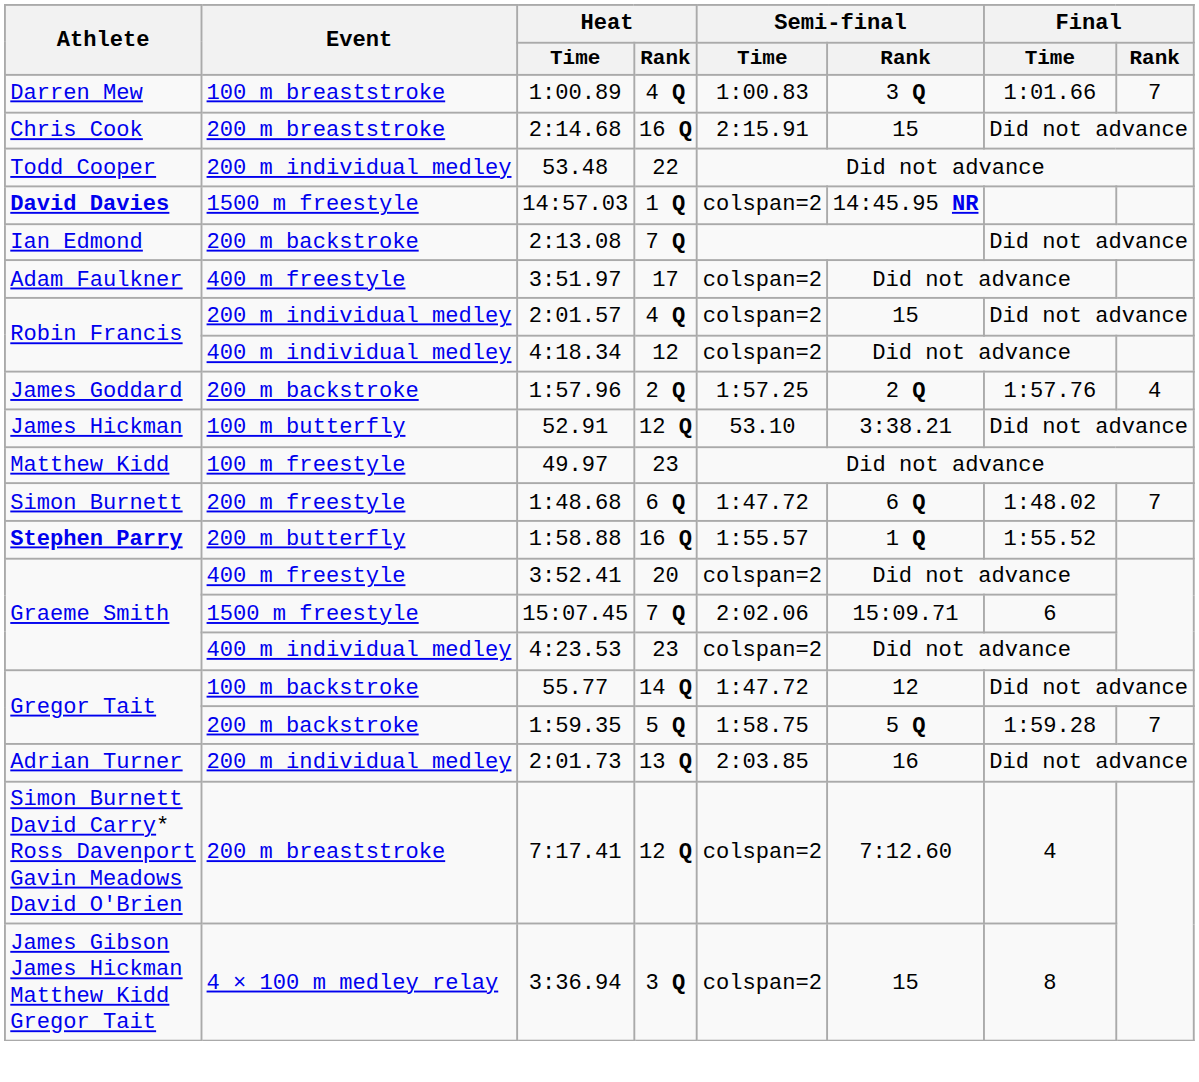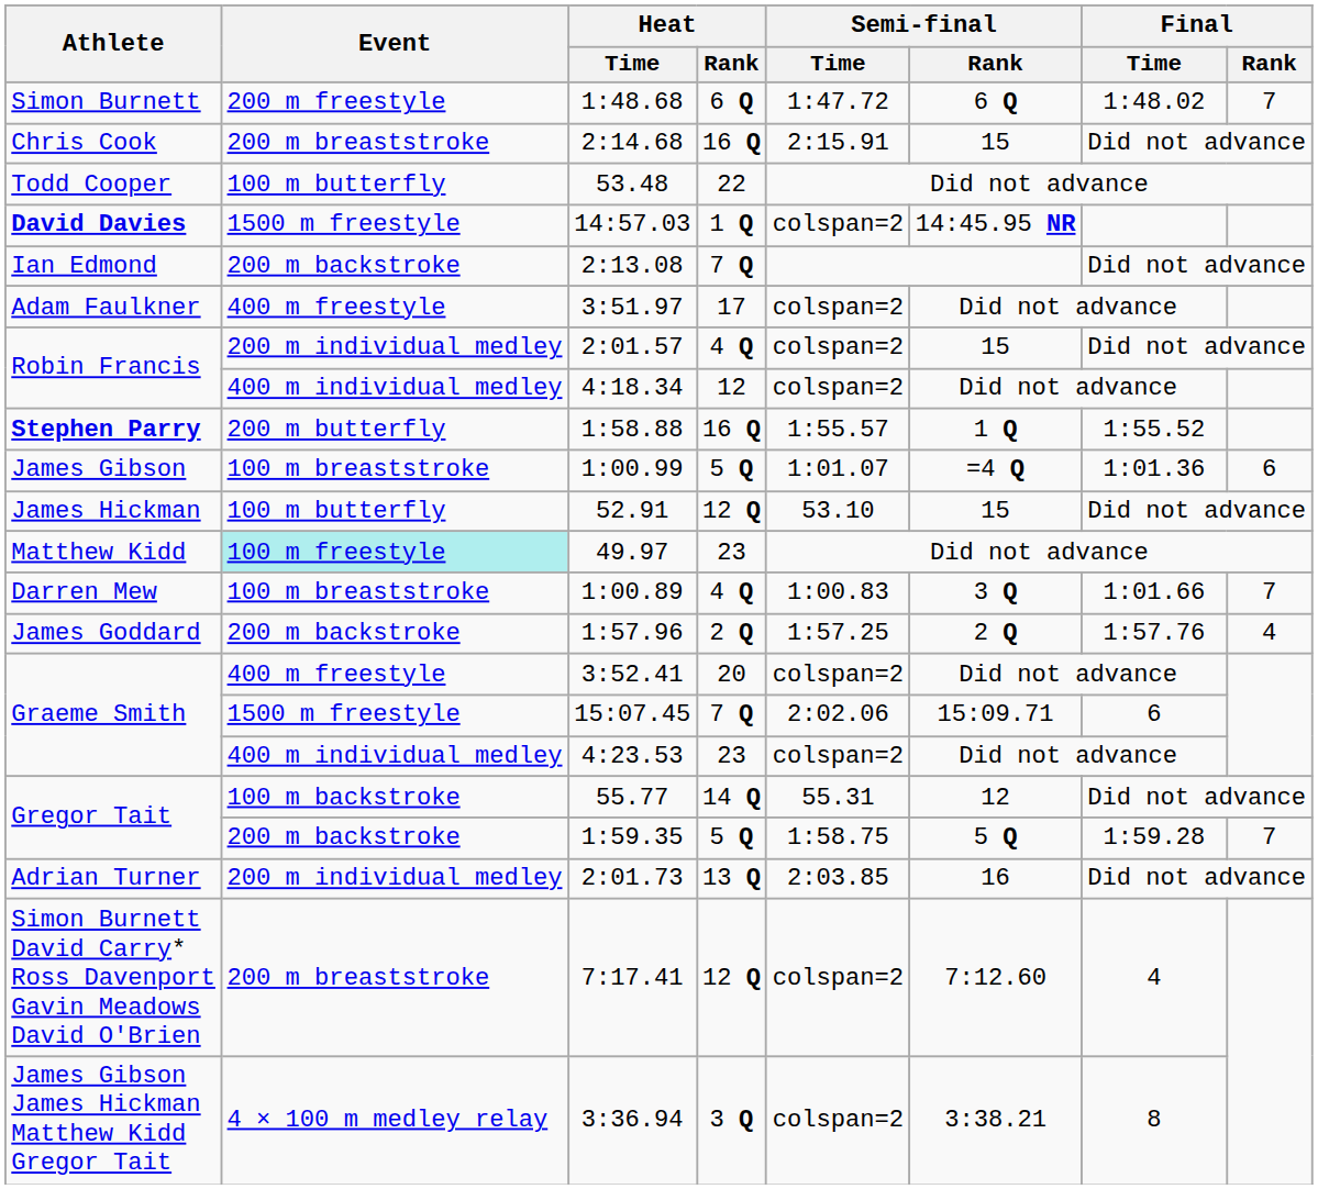 <table class=wikitable style="font-size:90%">
 <tr>
 <th rowspan="2">Athlete</th>
 <th rowspan="2">Event</th>
 <th colspan="2">Heat</th>
 <th colspan="2">Semi-final</th>
 <th colspan="2">Final</th>
 </tr>
 <tr style="font-size:95%">
 <th>Time</th>
 <th>Rank</th>
 <th>Time</th>
 <th>Rank</th>
 <th>Time</th>
 <th>Rank</th>
 </tr>
 <tr align=center>
-<td align=left><a href='#'>Darren Mew</a></td>
-<td align=left><a href='#'>100 m breaststroke</a></td>
-<td>1:00.89</td>
-<td>4 <strong>Q</strong></td>
-<td>1:00.83</td>
-<td>3 <strong>Q</strong></td>
-<td>1:01.66</td>
+<td align=left><a href='#'>Simon Burnett</a></td>
+<td align=left><a href='#'>200 m freestyle</a></td>
+<td>1:48.68</td>
+<td>6 <strong>Q</strong></td>
+<td>1:47.72</td>
+<td>6 <strong>Q</strong></td>
+<td>1:48.02</td>
 <td>7</td>
 </tr>
 <tr align=center>
 <td align=left><a href='#'>Chris Cook</a></td>
 <td align=left><a href='#'>200 m breaststroke</a></td>
 <td>2:14.68</td>
 <td>16 <strong>Q</strong></td>
 <td>2:15.91</td>
 <td>15</td>
 <td colspan=2>Did not advance</td>
 </tr>
 <tr align=center>
 <td align=left><a href='#'>Todd Cooper</a></td>
-<td align=left><a href='#'>200 m individual medley</a></td>
+<td align=left><a href='#'>100 m butterfly</a></td>
 <td>53.48</td>
 <td>22</td>
 <td colspan=4>Did not advance</td>
 </tr>
 <tr align=center>
 <td align=left><strong><a href='#'>David Davies</a></strong></td>
 <td align=left><a href='#'>1500 m freestyle</a></td>
 <td>14:57.03</td>
 <td>1 <strong>Q</strong></td>
 <td>colspan=2 </td>
 <td>14:45.95 <strong><a href='#'>NR</a></strong></td>
 <td></td>
 </tr>
 <tr align=center>
 <td align=left><a href='#'>Ian Edmond</a></td>
 <td align=left><a href='#'>200 m backstroke</a></td>
 <td>2:13.08</td>
 <td>7 <strong>Q</strong></td>
 <td colspan=2></td>
 <td colspan=2>Did not advance</td>
 </tr>
 <tr align=center>
 <td align=left><a href='#'>Adam Faulkner</a></td>
 <td align=left><a href='#'>400 m freestyle</a></td>
 <td>3:51.97</td>
 <td>17</td>
 <td>colspan=2 </td>
 <td colspan=2>Did not advance</td>
 </tr>
 <tr align=center>
 <td align=left rowspan=2><a href='#'>Robin Francis</a></td>
 <td align=left><a href='#'>200 m individual medley</a></td>
 <td>2:01.57</td>
 <td>4 <strong>Q</strong></td>
 <td>colspan=2 </td>
 <td>15</td>
 <td colspan=2>Did not advance</td>
 </tr>
 <tr align=center>
 <td align=left><a href='#'>400 m individual medley</a></td>
 <td>4:18.34</td>
 <td>12</td>
 <td>colspan=2 </td>
 <td colspan=2>Did not advance</td>
 </tr>
 <tr align=center>
+<td align=left><strong><a href='#'>Stephen Parry</a></strong></td>
+<td align=left><a href='#'>200 m butterfly</a></td>
+<td>1:58.88</td>
+<td>16 <strong>Q</strong></td>
+<td>1:55.57</td>
+<td>1 <strong>Q</strong></td>
+<td>1:55.52</td>
+<td></td>
+</tr>
+<tr align=center>
+<td align=left><a href='#'>James Gibson</a></td>
+<td align=left><a href='#'>100 m breaststroke</a></td>
+<td>1:00.99</td>
+<td>5 <strong>Q</strong></td>
+<td>1:01.07</td>
+<td>=4 <strong>Q</strong></td>
+<td>1:01.36</td>
+<td>6</td>
+</tr>
+<tr align=center>
+<td align=left><a href='#'>James Hickman</a></td>
+<td align=left><a href='#'>100 m butterfly</a></td>
+<td>52.91</td>
+<td>12 <strong>Q</strong></td>
+<td>53.10</td>
+<td>15</td>
+<td colspan=2>Did not advance</td>
+</tr>
+<tr align=center>
+<td align=left><a href='#'>Matthew Kidd</a></td>
+<td align=left style="background: paleturquoise;"><a href='#'>100 m freestyle</a></td>
+<td>49.97</td>
+<td>23</td>
+<td colspan=4>Did not advance</td>
+</tr>
+<tr align=center>
+<td align=left><a href='#'>Darren Mew</a></td>
+<td align=left><a href='#'>100 m breaststroke</a></td>
+<td>1:00.89</td>
+<td>4 <strong>Q</strong></td>
+<td>1:00.83</td>
+<td>3 <strong>Q</strong></td>
+<td>1:01.66</td>
+<td>7</td>
+</tr>
+<tr align=center>
 <td align=left><a href='#'>James Goddard</a></td>
 <td align=left><a href='#'>200 m backstroke</a></td>
 <td>1:57.96</td>
 <td>2 <strong>Q</strong></td>
 <td>1:57.25</td>
 <td>2 <strong>Q</strong></td>
 <td>1:57.76</td>
 <td>4</td>
-</tr>
-<tr align=center>
-<td align=left><a href='#'>James Hickman</a></td>
-<td align=left><a href='#'>100 m butterfly</a></td>
-<td>52.91</td>
-<td>12 <strong>Q</strong></td>
-<td>53.10</td>
-<td>3:38.21</td>
-<td colspan=2>Did not advance</td>
-</tr>
-<tr align=center>
-<td align=left><a href='#'>Matthew Kidd</a></td>
-<td align=left><a href='#'>100 m freestyle</a></td>
-<td>49.97</td>
-<td>23</td>
-<td colspan=4>Did not advance</td>
-</tr>
-<tr align=center>
-<td align=left><a href='#'>Simon Burnett</a></td>
-<td align=left><a href='#'>200 m freestyle</a></td>
-<td>1:48.68</td>
-<td>6 <strong>Q</strong></td>
-<td>1:47.72</td>
-<td>6 <strong>Q</strong></td>
-<td>1:48.02</td>
-<td>7</td>
-</tr>
-<tr align=center>
-<td align=left><strong><a href='#'>Stephen Parry</a></strong></td>
-<td align=left><a href='#'>200 m butterfly</a></td>
-<td>1:58.88</td>
-<td>16 <strong>Q</strong></td>
-<td>1:55.57</td>
-<td>1 <strong>Q</strong></td>
-<td>1:55.52</td>
-<td></td>
 </tr>
 <tr align=center>
 <td align=left rowspan=3><a href='#'>Graeme Smith</a></td>
 <td align=left><a href='#'>400 m freestyle</a></td>
 <td>3:52.41</td>
 <td>20</td>
 <td>colspan=2 </td>
 <td colspan=2>Did not advance</td>
 </tr>
 <tr align=center>
 <td align=left><a href='#'>1500 m freestyle</a></td>
 <td>15:07.45</td>
 <td>7 <strong>Q</strong></td>
 <td>2:02.06</td>
 <td>15:09.71</td>
 <td>6</td>
 </tr>
 <tr align=center>
 <td align=left><a href='#'>400 m individual medley</a></td>
 <td>4:23.53</td>
 <td>23</td>
 <td>colspan=2 </td>
 <td colspan=2>Did not advance</td>
 </tr>
 <tr align=center>
 <td align=left rowspan=2><a href='#'>Gregor Tait</a></td>
 <td align=left><a href='#'>100 m backstroke</a></td>
 <td>55.77</td>
 <td>14 <strong>Q</strong></td>
-<td>1:47.72</td>
+<td>55.31</td>
 <td>12</td>
 <td colspan=2>Did not advance</td>
 </tr>
 <tr align=center>
 <td align=left><a href='#'>200 m backstroke</a></td>
 <td>1:59.35</td>
 <td>5 <strong>Q</strong></td>
 <td>1:58.75</td>
 <td>5 <strong>Q</strong></td>
 <td>1:59.28</td>
 <td>7</td>
 </tr>
 <tr align=center>
 <td align=left><a href='#'>Adrian Turner</a></td>
 <td align=left><a href='#'>200 m individual medley</a></td>
 <td>2:01.73</td>
 <td>13 <strong>Q</strong></td>
 <td>2:03.85</td>
 <td>16</td>
 <td colspan=2>Did not advance</td>
 </tr>
 <tr align=center>
 <td align=left><a href='#'>Simon Burnett</a><br><a href='#'>David Carry</a>*<br><a href='#'>Ross Davenport</a><br><a href='#'>Gavin Meadows</a><br><a href='#'>David O'Brien</a></td>
 <td align=left><a href='#'>200 m breaststroke</a></td>
 <td>7:17.41</td>
 <td>12 <strong>Q</strong></td>
 <td>colspan=2 </td>
 <td>7:12.60</td>
 <td>4</td>
 </tr>
 <tr align=center>
 <td align=left><a href='#'>James Gibson</a><br><a href='#'>James Hickman</a><br><a href='#'>Matthew Kidd</a><br><a href='#'>Gregor Tait</a></td>
 <td align=left><a href='#'>4 × 100 m medley relay</a></td>
 <td>3:36.94</td>
 <td>3 <strong>Q</strong></td>
 <td>colspan=2 </td>
-<td>15</td>
+<td>3:38.21</td>
 <td>8</td>
 </tr>
 </table>
